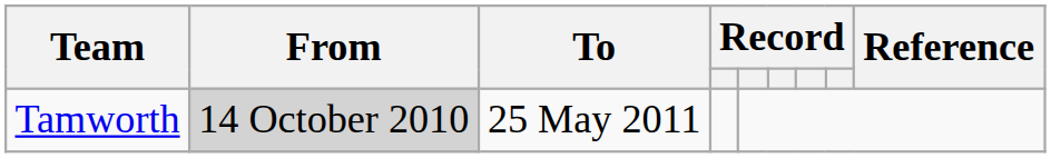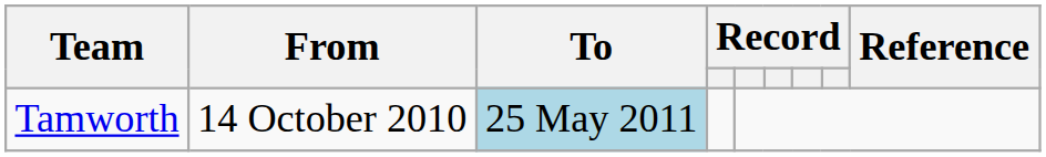 <table class=wikitable style="text-align: center">
 <tr>
 <th rowspan=2>Team</th>
 <th rowspan=2>From</th>
 <th rowspan=2>To</th>
 <th colspan=5>Record</th>
 <th rowspan=2>Reference</th>
 </tr>
 <tr>
 <th></th>
 <th></th>
 <th></th>
 <th></th>
 <th></th>
 </tr>
 <tr>
 <td align=left><a href='#'>Tamworth</a></td>
-<td align=left style="background: lightgrey;">14 October 2010</td>
-<td align=left>25 May 2011<br></td>
+<td align=left>14 October 2010</td>
+<td align=left style="background: lightblue;">25 May 2011<br></td>
 <td></td>
 </tr>
 </table>
